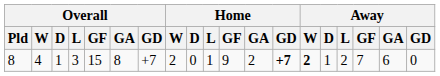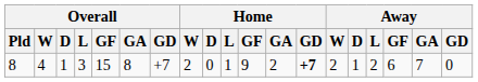 <table class="wikitable">
 <tr>
 <th colspan="7">Overall</th>
 <th colspan="6">Home</th>
 <th colspan="6">Away</th>
 </tr>
 <tr>
 <th><abbr>Pld</abbr></th>
 <th><abbr>W</abbr></th>
 <th><abbr>D</abbr></th>
 <th><abbr>L</abbr></th>
 <th><abbr>GF</abbr></th>
 <th><abbr>GA</abbr></th>
 <th><abbr>GD</abbr></th>
 <th><abbr>W</abbr></th>
 <th><abbr>D</abbr></th>
 <th><abbr>L</abbr></th>
 <th><abbr>GF</abbr></th>
 <th><abbr>GA</abbr></th>
 <th><abbr>GD</abbr></th>
 <th><abbr>W</abbr></th>
 <th><abbr>D</abbr></th>
 <th><abbr>L</abbr></th>
 <th><abbr>GF</abbr></th>
 <th><abbr>GA</abbr></th>
 <th><abbr>GD</abbr></th>
 </tr>
 <tr>
 <td>8</td>
 <td>4</td>
 <td>1</td>
 <td>3</td>
 <td>15</td>
 <td>8</td>
 <td>+7</td>
 <td>2</td>
 <td>0</td>
 <td>1</td>
 <td>9</td>
 <td>2</td>
 <td><strong>+7</strong></td>
-<td><strong>2</strong></td>
+<td>2</td>
 <td>1</td>
 <td>2</td>
+<td>6</td>
 <td>7</td>
-<td>6</td>
 <td>0</td>
 </tr>
 </table>
